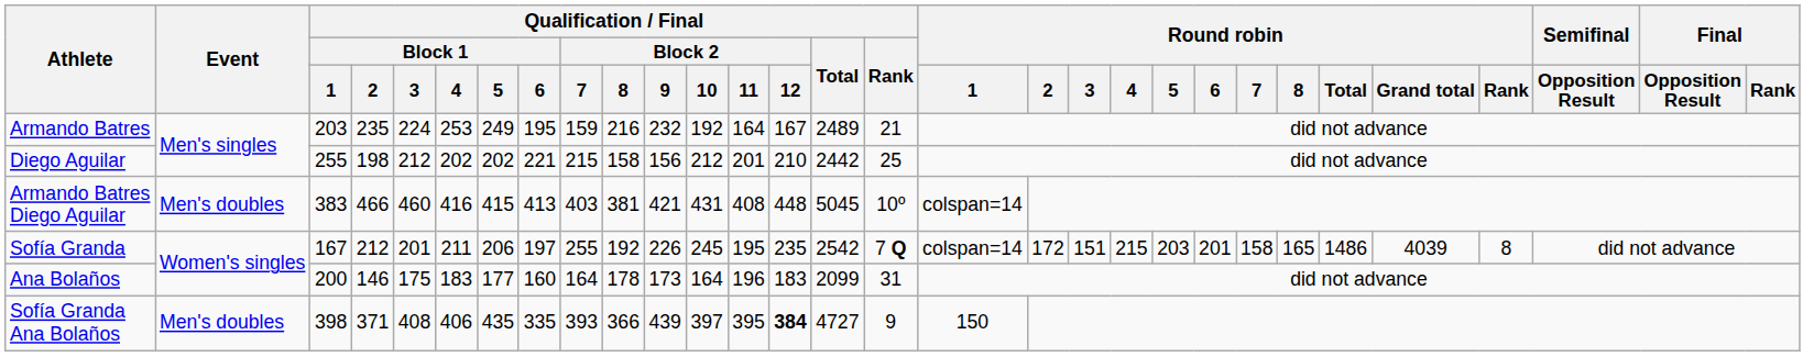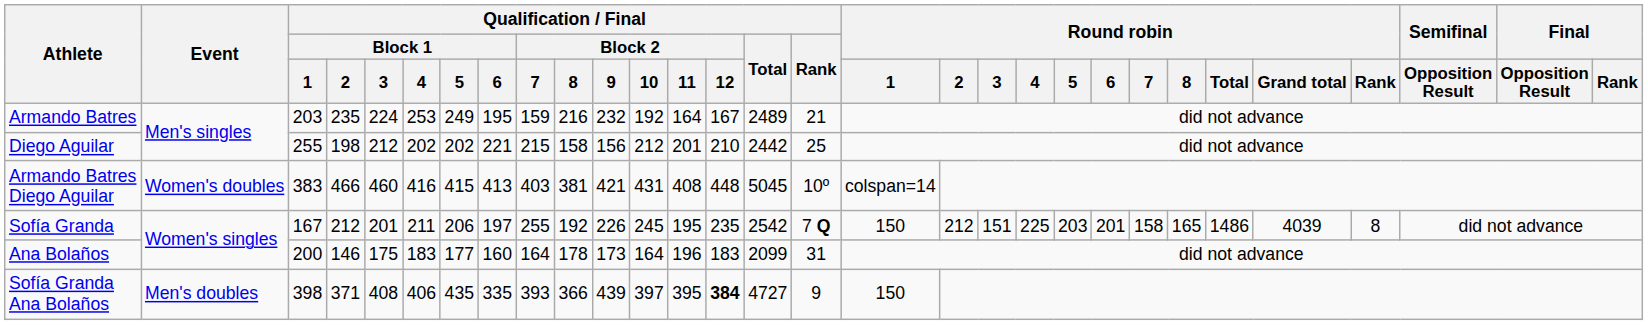 <table class=wikitable style=font-size:75%;text-align:center>
 <tr>
 <th rowspan=3>Athlete</th>
 <th rowspan=3>Event</th>
 <th colspan=14>Qualification / Final</th>
 <th colspan=11 rowspan=2>Round robin</th>
 <th rowspan=2>Semifinal</th>
 <th rowspan=2 colspan=2>Final</th>
 </tr>
 <tr style=font-size:95%>
 <th colspan=6>Block 1</th>
 <th colspan=6>Block 2</th>
 <th rowspan=2>Total</th>
 <th rowspan=2>Rank</th>
 </tr>
 <tr style=font-size:95%>
 <th>1</th>
 <th>2</th>
 <th>3</th>
 <th>4</th>
 <th>5</th>
 <th>6</th>
 <th>7</th>
 <th>8</th>
 <th>9</th>
 <th>10</th>
 <th>11</th>
 <th>12</th>
 <th>1</th>
 <th>2</th>
 <th>3</th>
 <th>4</th>
 <th>5</th>
 <th>6</th>
 <th>7</th>
 <th>8</th>
 <th>Total</th>
 <th>Grand total</th>
 <th>Rank</th>
 <th>Opposition<br>Result</th>
 <th>Opposition<br>Result</th>
 <th>Rank</th>
 </tr>
 <tr>
 <td align=left><a href='#'>Armando Batres</a></td>
 <td align=left rowspan=2><a href='#'>Men's singles</a></td>
 <td>203</td>
 <td>235</td>
 <td>224</td>
 <td>253</td>
 <td>249</td>
 <td>195</td>
 <td>159</td>
 <td>216</td>
 <td>232</td>
 <td>192</td>
 <td>164</td>
 <td>167</td>
 <td>2489</td>
 <td>21</td>
 <td colspan=14>did not advance</td>
 </tr>
 <tr>
 <td align=left><a href='#'>Diego Aguilar</a></td>
 <td>255</td>
 <td>198</td>
 <td>212</td>
 <td>202</td>
 <td>202</td>
 <td>221</td>
 <td>215</td>
 <td>158</td>
 <td>156</td>
 <td>212</td>
 <td>201</td>
 <td>210</td>
 <td>2442</td>
 <td>25</td>
 <td colspan=14>did not advance</td>
 </tr>
 <tr>
 <td align=left><a href='#'>Armando Batres</a><br><a href='#'>Diego Aguilar</a></td>
-<td align=left><a href='#'>Men's doubles</a></td>
+<td align=left><a href='#'>Women's doubles</a></td>
 <td>383</td>
 <td>466</td>
 <td>460</td>
 <td>416</td>
 <td>415</td>
 <td>413</td>
 <td>403</td>
 <td>381</td>
 <td>421</td>
 <td>431</td>
 <td>408</td>
 <td>448</td>
 <td>5045</td>
 <td>10º</td>
 <td>colspan=14 </td>
 </tr>
 <tr>
 <td align=left><a href='#'>Sofía Granda</a></td>
 <td align=left rowspan=2><a href='#'>Women's singles</a></td>
 <td>167</td>
 <td>212</td>
 <td>201</td>
 <td>211</td>
 <td>206</td>
 <td>197</td>
 <td>255</td>
 <td>192</td>
 <td>226</td>
 <td>245</td>
 <td>195</td>
 <td>235</td>
 <td>2542</td>
 <td>7 <strong>Q</strong></td>
-<td>colspan=14 </td>
-<td>172</td>
+<td>150</td>
+<td>212</td>
 <td>151</td>
-<td>215</td>
+<td>225</td>
 <td>203</td>
 <td>201</td>
 <td>158</td>
 <td>165</td>
 <td>1486</td>
 <td>4039</td>
 <td>8</td>
 <td colspan=3>did not advance</td>
 </tr>
 <tr>
 <td align=left><a href='#'>Ana Bolaños</a></td>
 <td>200</td>
 <td>146</td>
 <td>175</td>
 <td>183</td>
 <td>177</td>
 <td>160</td>
 <td>164</td>
 <td>178</td>
 <td>173</td>
 <td>164</td>
 <td>196</td>
 <td>183</td>
 <td>2099</td>
 <td>31</td>
 <td colspan=14>did not advance</td>
 </tr>
 <tr>
 <td align=left><a href='#'>Sofía Granda</a><br><a href='#'>Ana Bolaños</a></td>
 <td align=left><a href='#'>Men's doubles</a></td>
 <td>398</td>
 <td>371</td>
 <td>408</td>
 <td>406</td>
 <td>435</td>
 <td>335</td>
 <td>393</td>
 <td>366</td>
 <td>439</td>
 <td>397</td>
 <td>395</td>
 <td><strong>384</strong></td>
 <td>4727</td>
 <td>9</td>
 <td>150</td>
 </tr>
 </table>
